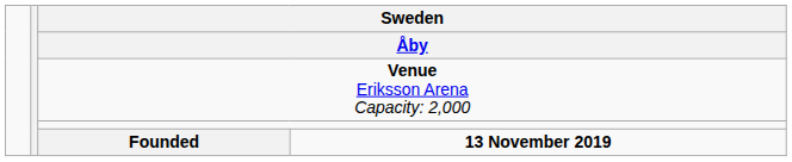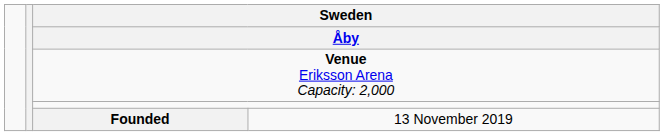 <table class=wikitable style="text-align:center; font-size:90%;">
 <tr>
 <td rowspan="5"></td>
 <th width=1% rowspan=20 bgcolor=ffffff></th>
 <th colspan=2>Sweden</th>
 </tr>
 <tr>
 <th colspan=2><a href='#'>Åby</a></th>
 </tr>
 <tr>
 <td colspan=2><strong>Venue</strong><br><a href='#'>Eriksson Arena</a><br><em>Capacity: 2,000</em></td>
 </tr>
 <tr>
 <td colspan=2></td>
 </tr>
 <tr>
 <th>Founded</th>
-<td><strong>13 November 2019</strong></td>
+<td>13 November 2019</td>
 </tr>
 </table>
